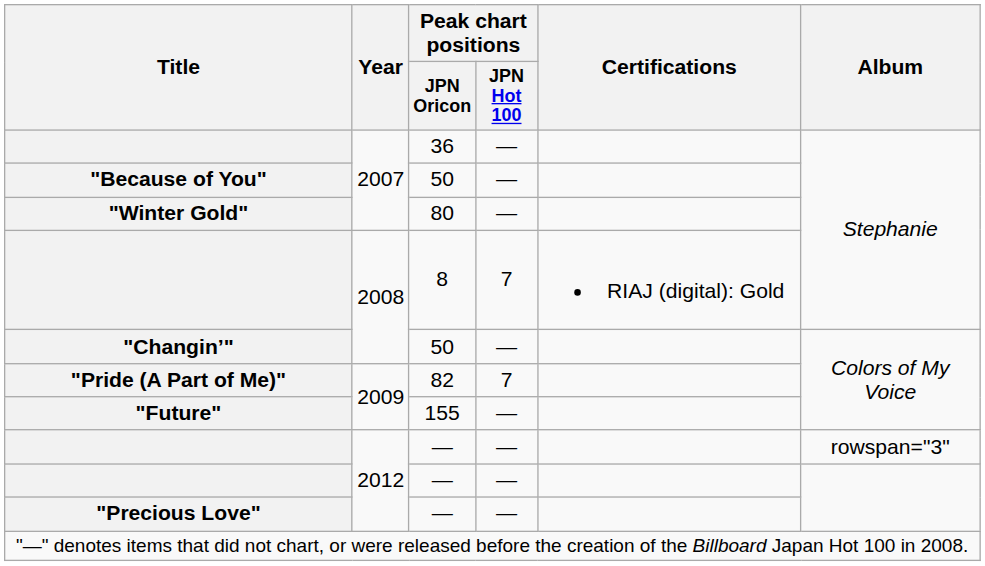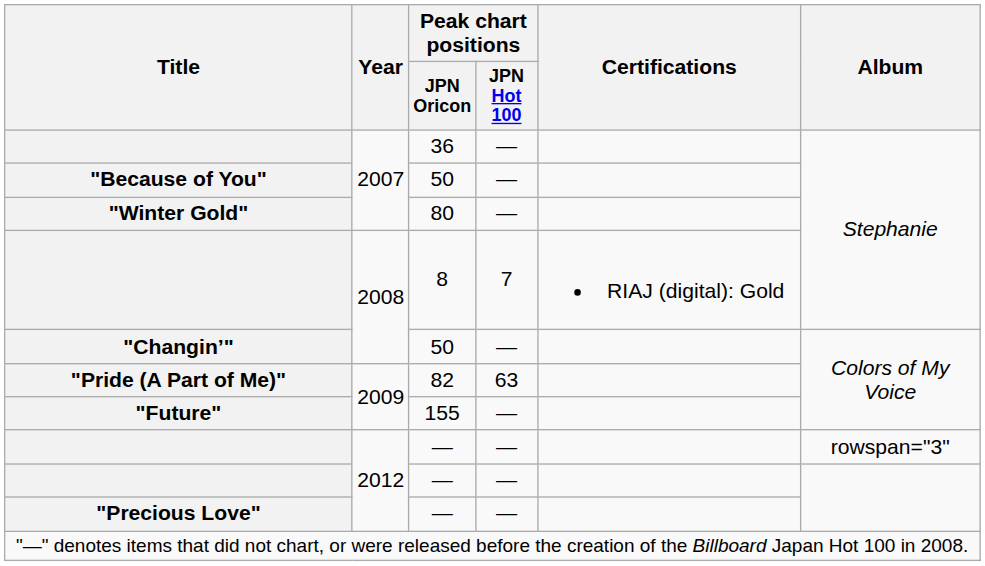 <table class="wikitable plainrowheaders" style="text-align:center;">
 <tr>
 <th scope="col" rowspan="2" style="width:16em;">Title</th>
 <th scope="col" rowspan="2" style="width:2em;">Year</th>
 <th scope="col" colspan="2">Peak chart positions</th>
 <th scope="col" rowspan="2" style="width:12em;">Certifications</th>
 <th scope="col" rowspan="2" style="width:8em;">Album</th>
 </tr>
 <tr>
 <th style="width:3em;font-size:85%">JPN<br>Oricon<br></th>
 <th style="width:3em;font-size:85%">JPN<br><a href='#'>Hot 100</a><br></th>
 </tr>
 <tr>
 <th scope="row"></th>
 <td rowspan="3">2007</td>
 <td>36</td>
 <td>—</td>
 <td></td>
 <td rowspan="4"><em>Stephanie</em></td>
 </tr>
 <tr>
 <th scope="row">"Because of You"</th>
 <td>50</td>
 <td>—</td>
 <td></td>
 </tr>
 <tr>
 <th scope="row">"Winter Gold"</th>
 <td>80</td>
 <td>—</td>
 <td></td>
 </tr>
 <tr>
 <th scope="row"></th>
 <td rowspan="2">2008</td>
 <td>8</td>
 <td>7</td>
 <td><br><ul><li>RIAJ <span>(digital)</span>: Gold</li></ul></td>
 </tr>
 <tr>
 <th scope="row">"Changin’" </th>
 <td>50</td>
 <td>—</td>
 <td></td>
 <td rowspan="3"><em>Colors of My Voice</em></td>
 </tr>
 <tr>
 <th scope="row">"Pride (A Part of Me)" </th>
 <td rowspan="2">2009</td>
 <td>82</td>
-<td>7</td>
+<td>63</td>
 <td></td>
 </tr>
 <tr>
 <th scope="row">"Future"</th>
 <td>155</td>
 <td>—</td>
 <td></td>
 </tr>
 <tr>
 <th scope="row"></th>
 <td rowspan="3">2012</td>
 <td>—</td>
 <td>—</td>
 <td></td>
 <td>rowspan="3" </td>
 </tr>
 <tr>
 <th scope="row"></th>
 <td>—</td>
 <td>—</td>
 <td></td>
 </tr>
 <tr>
 <th scope="row">"Precious Love"</th>
 <td>—</td>
 <td>—</td>
 <td></td>
 </tr>
 <tr>
 <td colspan="12" align="center" style="font-size:90%;">"—" denotes items that did not chart, or were released before the creation of the <em>Billboard</em> Japan Hot 100 in 2008.</td>
 </tr>
 </table>
